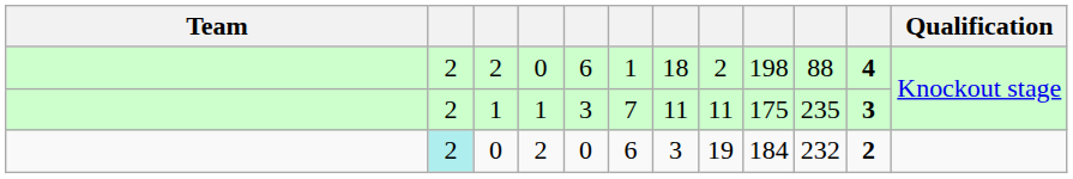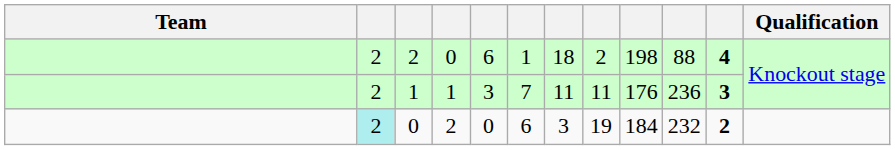 <table class=wikitable style="text-align:center">
 <tr>
 <th width=250>Team</th>
 <th width=20></th>
 <th width=20></th>
 <th width=20></th>
 <th width=20></th>
 <th width=20></th>
 <th width=20></th>
 <th width=20></th>
 <th width=20></th>
 <th width=20></th>
 <th width=20></th>
 <th>Qualification</th>
 </tr>
 <tr style="background-color:#ccffcc;">
 <td style="text-align:left;"></td>
 <td>2</td>
 <td>2</td>
 <td>0</td>
 <td>6</td>
 <td>1</td>
 <td>18</td>
 <td>2</td>
 <td>198</td>
 <td>88</td>
 <td><strong>4</strong></td>
 <td rowspan=2><a href='#'>Knockout stage</a></td>
 </tr>
 <tr style="background-color:#ccffcc;">
 <td style="text-align:left;"></td>
 <td>2</td>
 <td>1</td>
 <td>1</td>
 <td>3</td>
 <td>7</td>
 <td>11</td>
 <td>11</td>
-<td>175</td>
-<td>235</td>
+<td>176</td>
+<td>236</td>
 <td><strong>3</strong></td>
 </tr>
 <tr>
 <td style="text-align:left;"></td>
 <td style="background: paleturquoise;">2</td>
 <td>0</td>
 <td>2</td>
 <td>0</td>
 <td>6</td>
 <td>3</td>
 <td>19</td>
 <td>184</td>
 <td>232</td>
 <td><strong>2</strong></td>
 <td></td>
 </tr>
 </table>
